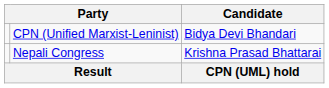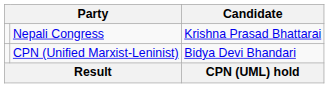 <table class="wikitable">
 <tr>
 <th colspan="2">Party</th>
 <th>Candidate</th>
 </tr>
 <tr>
 <td style="background-color:"></td>
-<td><a href='#'>CPN (Unified Marxist-Leninist)</a></td>
-<td><a href='#'>Bidya Devi Bhandari</a></td>
+<td><a href='#'>Nepali Congress</a></td>
+<td><a href='#'>Krishna Prasad Bhattarai</a></td>
 </tr>
 <tr>
 <td style="background-color:"></td>
-<td><a href='#'>Nepali Congress</a></td>
-<td><a href='#'>Krishna Prasad Bhattarai</a></td>
+<td><a href='#'>CPN (Unified Marxist-Leninist)</a></td>
+<td><a href='#'>Bidya Devi Bhandari</a></td>
 </tr>
 <tr>
 <th colspan="2">Result</th>
 <th>CPN (UML) hold</th>
 </tr>
 </table>
